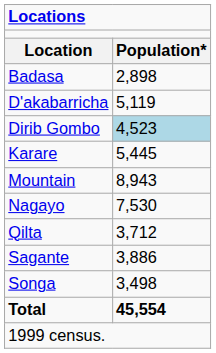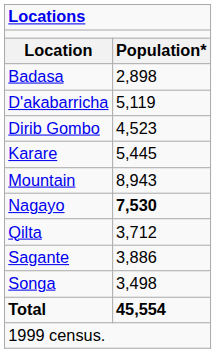 <table class="wikitable">
 <tr>
 <td colspan="2"><strong><a href='#'>Locations</a></strong></td>
 </tr>
 <tr>
 <td colspan="2"></td>
 </tr>
 <tr>
 <th>Location</th>
 <th>Population*</th>
 </tr>
 <tr>
 <td><a href='#'>Badasa</a></td>
 <td>2,898</td>
 </tr>
 <tr>
 <td><a href='#'>D'akabarricha</a></td>
 <td>5,119</td>
 </tr>
 <tr>
 <td><a href='#'>Dirib Gombo</a></td>
-<td style="background: lightblue;">4,523</td>
+<td>4,523</td>
 </tr>
 <tr>
 <td><a href='#'>Karare</a></td>
 <td>5,445</td>
 </tr>
 <tr>
 <td><a href='#'>Mountain</a></td>
 <td>8,943</td>
 </tr>
 <tr>
 <td><a href='#'>Nagayo</a></td>
-<td>7,530</td>
+<td><strong>7,530</strong></td>
 </tr>
 <tr>
 <td><a href='#'>Qilta</a></td>
 <td>3,712</td>
 </tr>
 <tr>
 <td><a href='#'>Sagante</a></td>
 <td>3,886</td>
 </tr>
 <tr>
 <td><a href='#'>Songa</a></td>
 <td>3,498</td>
 </tr>
 <tr>
 <td><strong>Total</strong></td>
 <td><strong>45,554</strong></td>
 </tr>
 <tr>
 <td colspan="2">1999 census.</td>
 </tr>
 </table>
